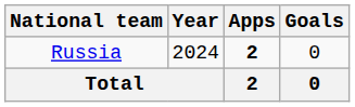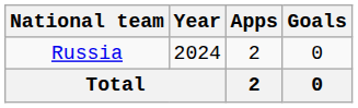 <table class="wikitable" style="text-align:center">
 <tr>
 <th>National team</th>
 <th>Year</th>
 <th>Apps</th>
 <th>Goals</th>
 </tr>
 <tr>
 <td rowspan="1"><a href='#'>Russia</a></td>
 <td>2024</td>
-<td><strong>2</strong></td>
+<td>2</td>
 <td>0</td>
 </tr>
 <tr>
 <th colspan="2">Total</th>
 <th>2</th>
 <th>0</th>
 </tr>
 </table>
